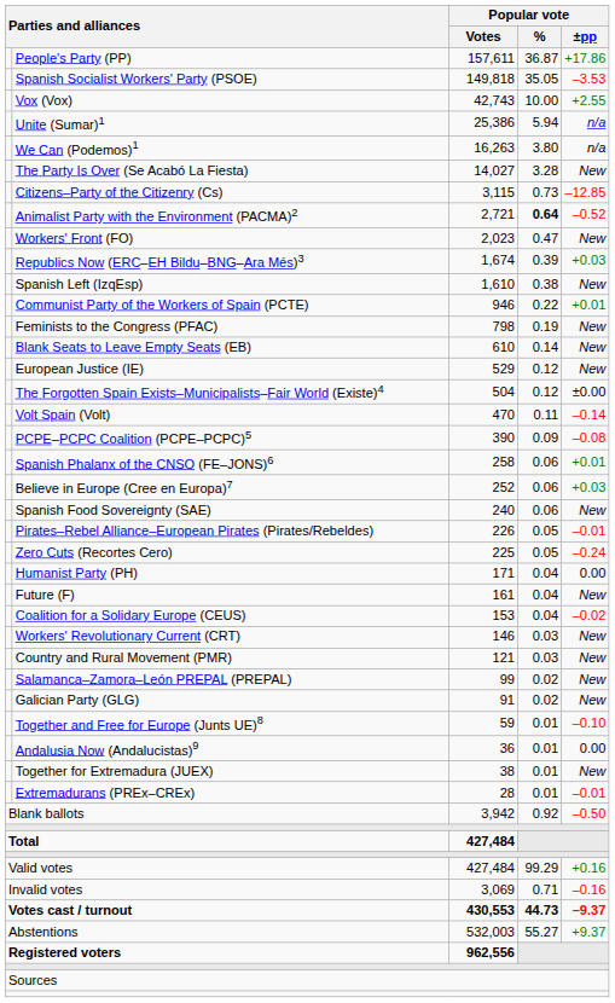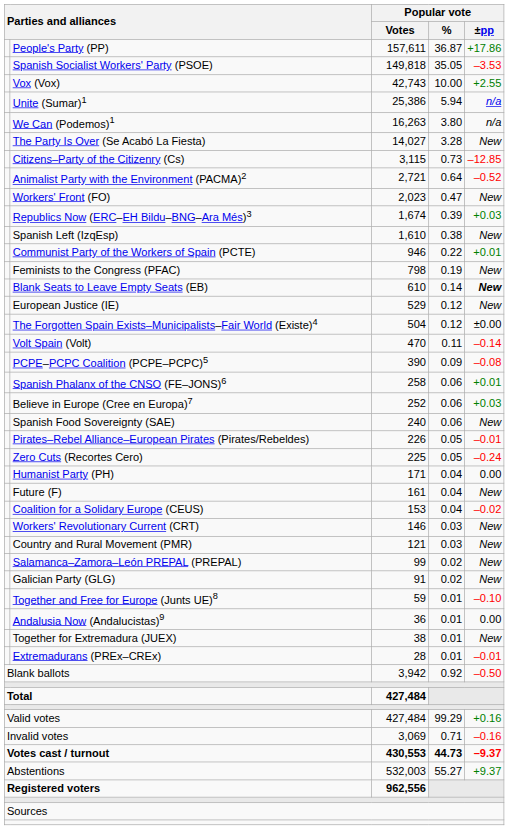 <table class="wikitable" style="text-align:right;">
 <tr>
 <th style="text-align:left;" rowspan="2" colspan="2" width="525">Parties and alliances</th>
 <th colspan="3">Popular vote</th>
 </tr>
 <tr bgcolor="#E9E9E9" align="center">
 <th width="75">Votes</th>
 <th width="45">%</th>
 <th width="45">±<a href='#'>pp</a></th>
 </tr>
 <tr>
 <td width="1" style="color:inherit;background:"></td>
 <td align="left"><a href='#'>People's Party</a> (PP)</td>
 <td>157,611</td>
 <td>36.87</td>
 <td style="color:green;">+17.86</td>
 </tr>
 <tr>
 <td style="color:inherit;background:"></td>
 <td align="left"><a href='#'>Spanish Socialist Workers' Party</a> (PSOE)</td>
 <td>149,818</td>
 <td>35.05</td>
 <td style="color:red;">–3.53</td>
 </tr>
 <tr>
 <td style="color:inherit;background:"></td>
 <td align="left"><a href='#'>Vox</a> (Vox)</td>
 <td>42,743</td>
 <td>10.00</td>
 <td style="color:green;">+2.55</td>
 </tr>
 <tr>
 <td style="color:inherit;background:"></td>
 <td align="left"><a href='#'>Unite</a> (Sumar)<sup>1</sup></td>
 <td>25,386</td>
 <td>5.94</td>
 <td><em><a href='#'>n/a</a></em></td>
 </tr>
 <tr>
 <td style="color:inherit;background:"></td>
 <td align="left"><a href='#'>We Can</a> (Podemos)<sup>1</sup></td>
 <td>16,263</td>
 <td>3.80</td>
 <td><em>n/a</em></td>
 </tr>
 <tr>
 <td style="color:inherit;background:"></td>
 <td align="left"><a href='#'>The Party Is Over</a> (Se Acabó La Fiesta)</td>
 <td>14,027</td>
 <td>3.28</td>
 <td><em>New</em></td>
 </tr>
 <tr>
 <td style="color:inherit;background:"></td>
 <td align="left"><a href='#'>Citizens–Party of the Citizenry</a> (Cs)</td>
 <td>3,115</td>
 <td>0.73</td>
 <td style="color:red;">–12.85</td>
 </tr>
 <tr>
 <td style="color:inherit;background:"></td>
 <td align="left"><a href='#'>Animalist Party with the Environment</a> (PACMA)<sup>2</sup></td>
 <td>2,721</td>
-<td><strong>0.64</strong></td>
+<td>0.64</td>
 <td style="color:red;">–0.52</td>
 </tr>
 <tr>
 <td style="color:inherit;background:"></td>
 <td align="left"><a href='#'>Workers' Front</a> (FO)</td>
 <td>2,023</td>
 <td>0.47</td>
 <td><em>New</em></td>
 </tr>
 <tr>
 <td style="color:inherit;background:"></td>
 <td align="left"><a href='#'>Republics Now</a> (<a href='#'>ERC</a>–<a href='#'>EH Bildu</a>–<a href='#'>BNG</a>–<a href='#'>Ara Més</a>)<sup>3</sup></td>
 <td>1,674</td>
 <td>0.39</td>
 <td style="color:green;">+0.03</td>
 </tr>
 <tr>
 <td style="color:inherit;background:"></td>
 <td align="left">Spanish Left (IzqEsp)</td>
 <td>1,610</td>
 <td>0.38</td>
 <td><em>New</em></td>
 </tr>
 <tr>
 <td style="color:inherit;background:"></td>
 <td align="left"><a href='#'>Communist Party of the Workers of Spain</a> (PCTE)</td>
 <td>946</td>
 <td>0.22</td>
 <td style="color:green;">+0.01</td>
 </tr>
 <tr>
 <td style="color:inherit;background:"></td>
 <td align="left">Feminists to the Congress (PFAC)</td>
 <td>798</td>
 <td>0.19</td>
 <td><em>New</em></td>
 </tr>
 <tr>
 <td style="color:inherit;background:"></td>
 <td align="left"><a href='#'>Blank Seats to Leave Empty Seats</a> (EB)</td>
 <td>610</td>
 <td>0.14</td>
-<td><em>New</em></td>
+<td><strong><em>New</em></strong></td>
 </tr>
 <tr>
 <td style="color:inherit;background:"></td>
 <td align="left">European Justice (IE)</td>
 <td>529</td>
 <td>0.12</td>
 <td><em>New</em></td>
 </tr>
 <tr>
 <td style="color:inherit;background:"></td>
 <td align="left"><a href='#'>The Forgotten Spain Exists–Municipalists</a>–<a href='#'>Fair World</a> (Existe)<sup>4</sup></td>
 <td>504</td>
 <td>0.12</td>
 <td>±0.00</td>
 </tr>
 <tr>
 <td style="color:inherit;background:"></td>
 <td align="left"><a href='#'>Volt Spain</a> (Volt)</td>
 <td>470</td>
 <td>0.11</td>
 <td style="color:red;">–0.14</td>
 </tr>
 <tr>
 <td style="color:inherit;background:"></td>
 <td align="left"><a href='#'>PCPE</a>–<a href='#'>PCPC Coalition</a> (PCPE–PCPC)<sup>5</sup></td>
 <td>390</td>
 <td>0.09</td>
 <td style="color:red;">–0.08</td>
 </tr>
 <tr>
 <td style="color:inherit;background:"></td>
 <td align="left"><a href='#'>Spanish Phalanx of the CNSO</a> (FE–JONS)<sup>6</sup></td>
 <td>258</td>
 <td>0.06</td>
 <td style="color:green;">+0.01</td>
 </tr>
 <tr>
 <td style="color:inherit;background:"></td>
 <td align="left">Believe in Europe (Cree en Europa)<sup>7</sup></td>
 <td>252</td>
 <td>0.06</td>
 <td style="color:green;">+0.03</td>
 </tr>
 <tr>
 <td style="color:inherit;background:"></td>
 <td align="left">Spanish Food Sovereignty (SAE)</td>
 <td>240</td>
 <td>0.06</td>
 <td><em>New</em></td>
 </tr>
 <tr>
 <td style="color:inherit;background:"></td>
 <td align="left"><a href='#'>Pirates–Rebel Alliance–European Pirates</a> (Pirates/Rebeldes)</td>
 <td>226</td>
 <td>0.05</td>
 <td style="color:red;">–0.01</td>
 </tr>
 <tr>
 <td style="color:inherit;background:"></td>
 <td align="left"><a href='#'>Zero Cuts</a> (Recortes Cero)</td>
 <td>225</td>
 <td>0.05</td>
 <td style="color:red;">–0.24</td>
 </tr>
 <tr>
 <td style="color:inherit;background:"></td>
 <td align="left"><a href='#'>Humanist Party</a> (PH)</td>
 <td>171</td>
 <td>0.04</td>
 <td>0.00</td>
 </tr>
 <tr>
 <td style="color:inherit;background:"></td>
 <td align="left">Future (F)</td>
 <td>161</td>
 <td>0.04</td>
 <td><em>New</em></td>
 </tr>
 <tr>
 <td style="color:inherit;background:"></td>
 <td align="left"><a href='#'>Coalition for a Solidary Europe</a> (CEUS)</td>
 <td>153</td>
 <td>0.04</td>
 <td style="color:red;">–0.02</td>
 </tr>
 <tr>
 <td style="color:inherit;background:"></td>
 <td align="left"><a href='#'>Workers' Revolutionary Current</a> (CRT)</td>
 <td>146</td>
 <td>0.03</td>
 <td><em>New</em></td>
 </tr>
 <tr>
 <td style="color:inherit;background:"></td>
 <td align="left">Country and Rural Movement (PMR)</td>
 <td>121</td>
 <td>0.03</td>
 <td><em>New</em></td>
 </tr>
 <tr>
 <td style="color:inherit;background:"></td>
 <td align="left"><a href='#'>Salamanca–Zamora–León PREPAL</a> (PREPAL)</td>
 <td>99</td>
 <td>0.02</td>
 <td><em>New</em></td>
 </tr>
 <tr>
 <td style="color:inherit;background:"></td>
 <td align="left">Galician Party (GLG)</td>
 <td>91</td>
 <td>0.02</td>
 <td><em>New</em></td>
 </tr>
 <tr>
 <td style="color:inherit;background:"></td>
 <td align="left"><a href='#'>Together and Free for Europe</a> (Junts UE)<sup>8</sup></td>
 <td>59</td>
 <td>0.01</td>
 <td style="color:red;">–0.10</td>
 </tr>
 <tr>
 <td style="color:inherit;background:"></td>
 <td align="left"><a href='#'>Andalusia Now</a> (Andalucistas)<sup>9</sup></td>
 <td>36</td>
 <td>0.01</td>
 <td>0.00</td>
 </tr>
 <tr>
 <td style="color:inherit;background:"></td>
 <td align="left">Together for Extremadura (JUEX)</td>
 <td>38</td>
 <td>0.01</td>
 <td><em>New</em></td>
 </tr>
 <tr>
 <td style="color:inherit;background:"></td>
 <td align="left"><a href='#'>Extremadurans</a> (PREx–CREx)</td>
 <td>28</td>
 <td>0.01</td>
 <td style="color:red;">–0.01</td>
 </tr>
 <tr>
 <td align="left" colspan="2">Blank ballots</td>
 <td>3,942</td>
 <td>0.92</td>
 <td style="color:red;">–0.50</td>
 </tr>
 <tr>
 <td colspan="5" bgcolor="#E9E9E9"></td>
 </tr>
 <tr style="font-weight:bold;">
 <td align="left" colspan="2">Total</td>
 <td>427,484</td>
 <td bgcolor="#E9E9E9" colspan="2"></td>
 </tr>
 <tr>
 <td colspan="5" bgcolor="#E9E9E9"></td>
 </tr>
 <tr>
 <td align="left" colspan="2">Valid votes</td>
 <td>427,484</td>
 <td>99.29</td>
 <td style="color:green;">+0.16</td>
 </tr>
 <tr>
 <td align="left" colspan="2">Invalid votes</td>
 <td>3,069</td>
 <td>0.71</td>
 <td style="color:red;">–0.16</td>
 </tr>
 <tr style="font-weight:bold;">
 <td align="left" colspan="2">Votes cast / turnout</td>
 <td>430,553</td>
 <td>44.73</td>
 <td style="color:red;">–9.37</td>
 </tr>
 <tr>
 <td align="left" colspan="2">Abstentions</td>
 <td>532,003</td>
 <td>55.27</td>
 <td style="color:green;">+9.37</td>
 </tr>
 <tr style="font-weight:bold;">
 <td align="left" colspan="2">Registered voters</td>
 <td>962,556</td>
 <td bgcolor="#E9E9E9" colspan="2"></td>
 </tr>
 <tr>
 <td colspan="5" bgcolor="#E9E9E9"></td>
 </tr>
 <tr>
 <td align="left" colspan="5">Sources</td>
 </tr>
 <tr>
 <td colspan="5" style="text-align:left; max-width:790px;"></td>
 </tr>
 </table>
